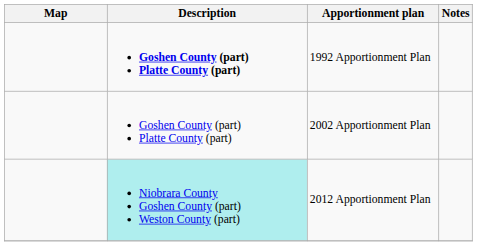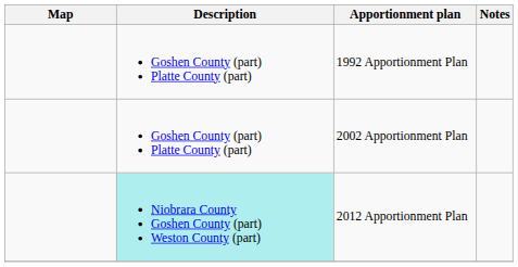 <table class="wikitable sortable">
 <tr>
 <th style="width:100pt;">Map</th>
 <th style="width:200pt;">Description</th>
 <th style="width:130pt;">Apportionment plan</th>
 <th style="width:15pt;">Notes</th>
 </tr>
 <tr>
 <td></td>
-<td><strong><br><ul><li><a href='#'>Goshen County</a> (part)</li><li><a href='#'>Platte County</a> (part)</li></ul></strong></td>
+<td><br><ul><li><a href='#'>Goshen County</a> (part)</li><li><a href='#'>Platte County</a> (part)</li></ul></td>
 <td>1992 Apportionment Plan</td>
 <td></td>
 </tr>
 <tr>
 <td></td>
 <td><br><ul><li><a href='#'>Goshen County</a> (part)</li><li><a href='#'>Platte County</a> (part)</li></ul></td>
 <td>2002 Apportionment Plan</td>
 <td></td>
 </tr>
 <tr>
 <td></td>
 <td style="background: paleturquoise;"><br><ul><li><a href='#'>Niobrara County</a></li><li><a href='#'>Goshen County</a> (part)</li><li><a href='#'>Weston County</a> (part)</li></ul></td>
 <td>2012 Apportionment Plan</td>
 <td></td>
 </tr>
 <tr>
 </tr>
 </table>
